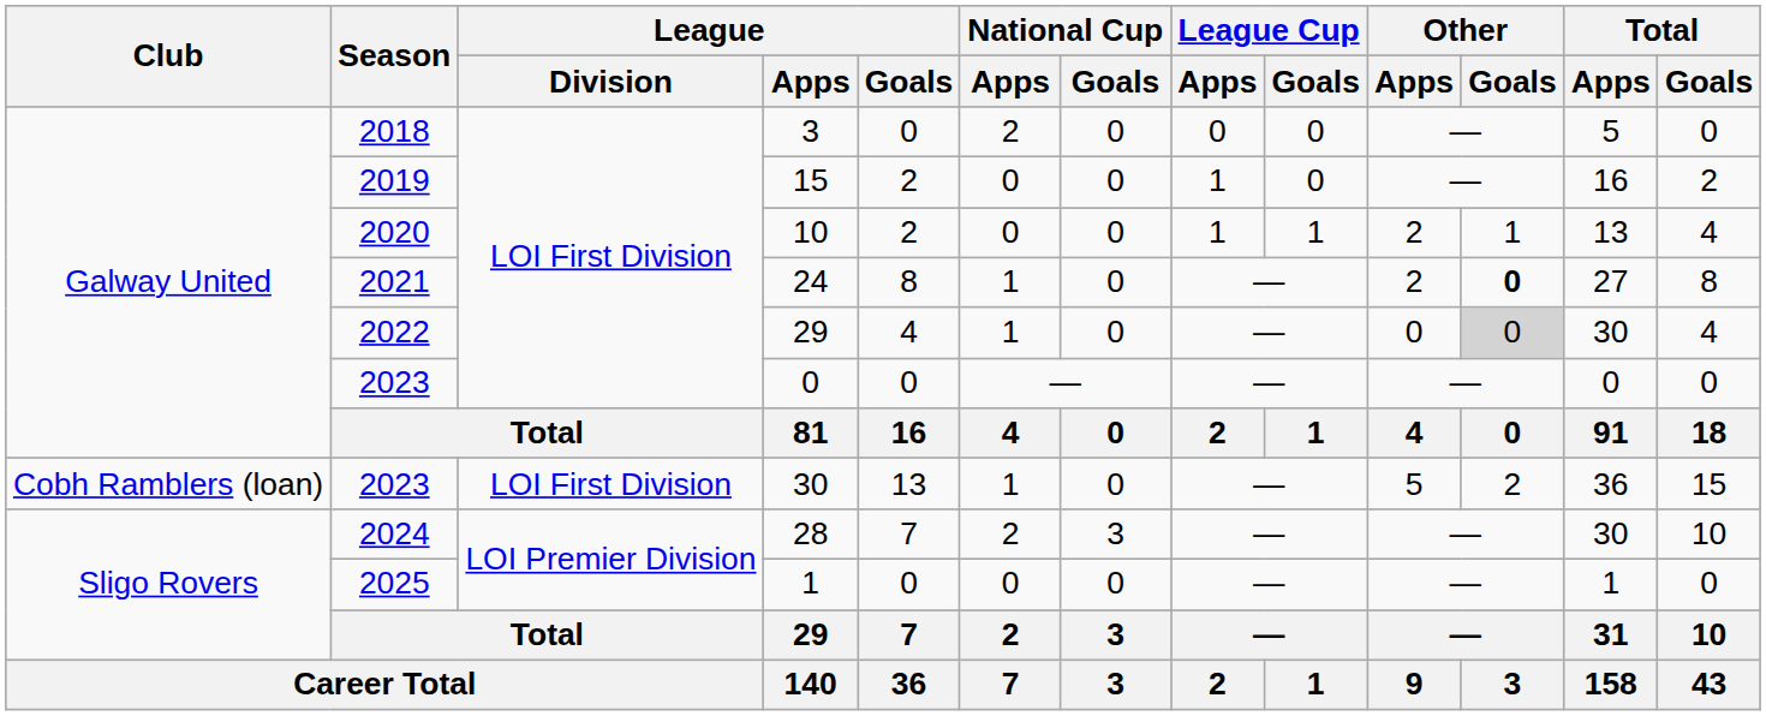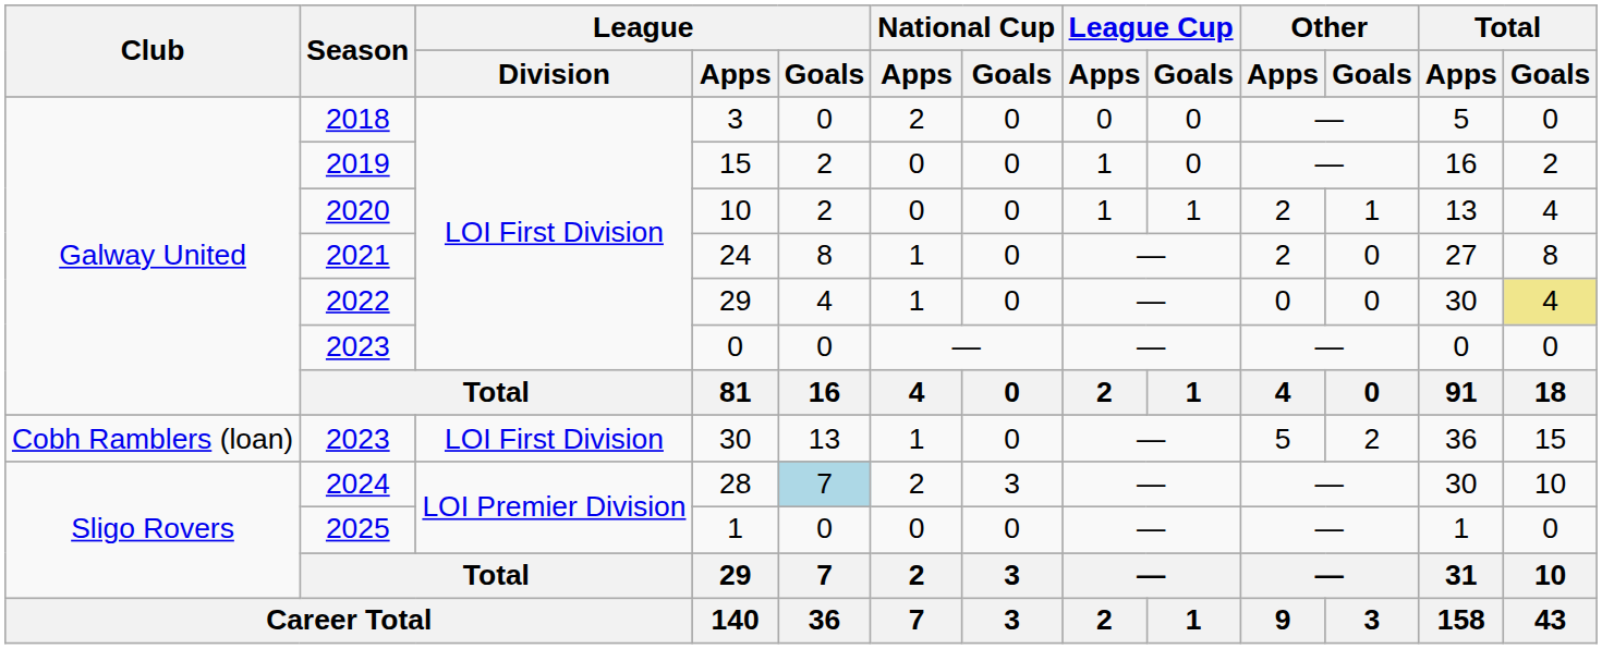 <table class=wikitable style="text-align: center">
 <tr>
 <th rowspan=2>Club</th>
 <th rowspan=2>Season</th>
 <th colspan=3>League</th>
 <th colspan=2>National Cup</th>
 <th colspan=2><a href='#'>League Cup</a></th>
 <th colspan=2>Other</th>
 <th colspan=2>Total</th>
 </tr>
 <tr>
 <th>Division</th>
 <th>Apps</th>
 <th>Goals</th>
 <th>Apps</th>
 <th>Goals</th>
 <th>Apps</th>
 <th>Goals</th>
 <th>Apps</th>
 <th>Goals</th>
 <th>Apps</th>
 <th>Goals</th>
 </tr>
 <tr>
 <td rowspan="7"><a href='#'>Galway United</a></td>
 <td><a href='#'>2018</a></td>
 <td rowspan="6"><a href='#'>LOI First Division</a></td>
 <td>3</td>
 <td>0</td>
 <td>2</td>
 <td>0</td>
 <td>0</td>
 <td>0</td>
 <td colspan="2">—</td>
 <td>5</td>
 <td>0</td>
 </tr>
 <tr>
 <td><a href='#'>2019</a></td>
 <td>15</td>
 <td>2</td>
 <td>0</td>
 <td>0</td>
 <td>1</td>
 <td>0</td>
 <td colspan="2">—</td>
 <td>16</td>
 <td>2</td>
 </tr>
 <tr>
 <td><a href='#'>2020</a></td>
 <td>10</td>
 <td>2</td>
 <td>0</td>
 <td>0</td>
 <td>1</td>
 <td>1</td>
 <td>2</td>
 <td>1</td>
 <td>13</td>
 <td>4</td>
 </tr>
 <tr>
 <td><a href='#'>2021</a></td>
 <td>24</td>
 <td>8</td>
 <td>1</td>
 <td>0</td>
 <td colspan="2">—</td>
 <td>2</td>
-<td><strong>0</strong></td>
+<td>0</td>
 <td>27</td>
 <td>8</td>
 </tr>
 <tr>
 <td><a href='#'>2022</a></td>
 <td>29</td>
 <td>4</td>
 <td>1</td>
 <td>0</td>
 <td colspan="2">—</td>
 <td>0</td>
-<td style="background: lightgrey;">0</td>
+<td>0</td>
 <td>30</td>
-<td>4</td>
+<td style="background: khaki;">4</td>
 </tr>
 <tr>
 <td><a href='#'>2023</a></td>
 <td>0</td>
 <td>0</td>
 <td colspan="2">—</td>
 <td colspan="2">—</td>
 <td colspan="2">—</td>
 <td>0</td>
 <td>0</td>
 </tr>
 <tr>
 <th colspan="2">Total</th>
 <th>81</th>
 <th>16</th>
 <th>4</th>
 <th>0</th>
 <th>2</th>
 <th>1</th>
 <th>4</th>
 <th>0</th>
 <th>91</th>
 <th>18</th>
 </tr>
 <tr>
 <td><a href='#'>Cobh Ramblers</a> (loan)</td>
 <td><a href='#'>2023</a></td>
 <td><a href='#'>LOI First Division</a></td>
 <td>30</td>
 <td>13</td>
 <td>1</td>
 <td>0</td>
 <td colspan="2">—</td>
 <td>5</td>
 <td>2</td>
 <td>36</td>
 <td>15</td>
 </tr>
 <tr>
 <td rowspan="3"><a href='#'>Sligo Rovers</a></td>
 <td><a href='#'>2024</a></td>
 <td rowspan="2"><a href='#'>LOI Premier Division</a></td>
 <td>28</td>
-<td>7</td>
+<td style="background: lightblue;">7</td>
 <td>2</td>
 <td>3</td>
 <td colspan="2">—</td>
 <td colspan="2">—</td>
 <td>30</td>
 <td>10</td>
 </tr>
 <tr>
 <td><a href='#'>2025</a></td>
 <td>1</td>
 <td>0</td>
 <td>0</td>
 <td>0</td>
 <td colspan="2">—</td>
 <td colspan="2">—</td>
 <td>1</td>
 <td>0</td>
 </tr>
 <tr>
 <th colspan="2">Total</th>
 <th>29</th>
 <th>7</th>
 <th>2</th>
 <th>3</th>
 <th colspan="2">—</th>
 <th colspan="2">—</th>
 <th>31</th>
 <th>10</th>
 </tr>
 <tr>
 <th colspan="3">Career Total</th>
 <th>140</th>
 <th>36</th>
 <th>7</th>
 <th>3</th>
 <th>2</th>
 <th>1</th>
 <th>9</th>
 <th>3</th>
 <th>158</th>
 <th>43</th>
 </tr>
 </table>
